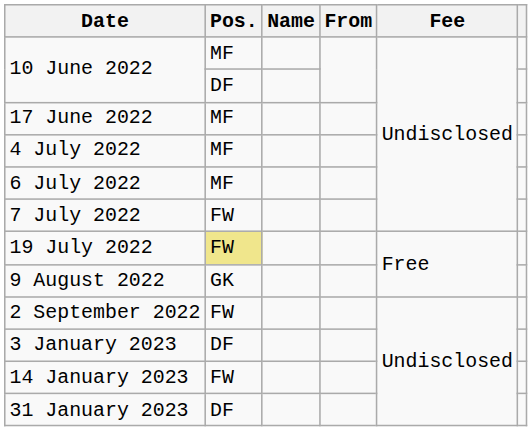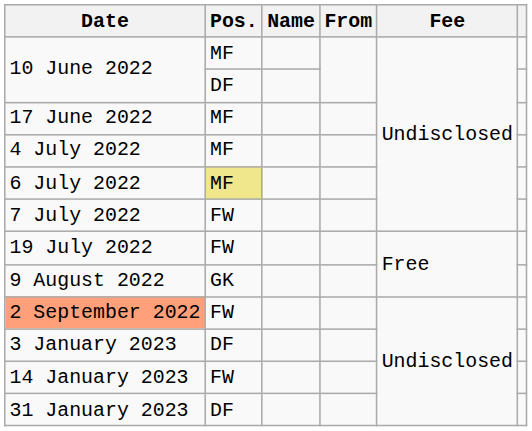 <table class="wikitable">
 <tr>
 <th>Date</th>
 <th>Pos.</th>
 <th>Name</th>
 <th>From</th>
 <th>Fee</th>
 <th></th>
 </tr>
 <tr>
 <td rowspan="2">10 June 2022</td>
 <td>MF</td>
 <td></td>
 <td rowspan="2"></td>
 <td rowspan="6">Undisclosed</td>
 <td></td>
 </tr>
 <tr>
 <td>DF</td>
 <td></td>
 <td></td>
 </tr>
 <tr>
 <td>17 June 2022</td>
 <td>MF</td>
 <td></td>
 <td></td>
 <td></td>
 </tr>
 <tr>
 <td>4 July 2022</td>
 <td>MF</td>
 <td></td>
 <td></td>
 <td></td>
 </tr>
 <tr>
 <td>6 July 2022</td>
-<td>MF</td>
+<td style="background: khaki;">MF</td>
 <td></td>
 <td></td>
 <td></td>
 </tr>
 <tr>
 <td>7 July 2022</td>
 <td>FW</td>
 <td></td>
 <td></td>
 <td></td>
 </tr>
 <tr>
 <td>19 July 2022</td>
-<td style="background: khaki;">FW</td>
+<td>FW</td>
 <td></td>
 <td></td>
 <td rowspan="2">Free</td>
 <td></td>
 </tr>
 <tr>
 <td>9 August 2022</td>
 <td>GK</td>
 <td></td>
 <td></td>
 <td></td>
 </tr>
 <tr>
-<td>2 September 2022</td>
+<td style="background: lightsalmon;">2 September 2022</td>
 <td>FW</td>
 <td></td>
 <td></td>
 <td rowspan="4">Undisclosed</td>
 <td></td>
 </tr>
 <tr>
 <td>3 January 2023</td>
 <td>DF</td>
 <td></td>
 <td></td>
 <td></td>
 </tr>
 <tr>
 <td>14 January 2023</td>
 <td>FW</td>
 <td></td>
 <td></td>
 <td></td>
 </tr>
 <tr>
 <td>31 January 2023</td>
 <td>DF</td>
 <td></td>
 <td></td>
 <td></td>
 </tr>
 </table>
